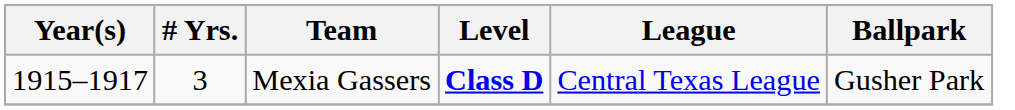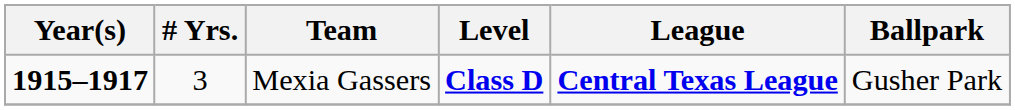 <table class="wikitable" style="text-align:center; font-size: 95%;">
 <tr>
 <th>Year(s)</th>
 <th># Yrs.</th>
 <th>Team</th>
 <th>Level</th>
 <th>League</th>
 <th>Ballpark</th>
 </tr>
 <tr>
-<td>1915–1917</td>
+<td><strong>1915–1917</strong></td>
 <td>3</td>
 <td>Mexia Gassers</td>
 <td><strong><a href='#'>Class D</a></strong></td>
-<td><a href='#'>Central Texas League</a></td>
+<td><strong><a href='#'>Central Texas League</a></strong></td>
 <td>Gusher Park</td>
 </tr>
 <tr>
 </tr>
 </table>
